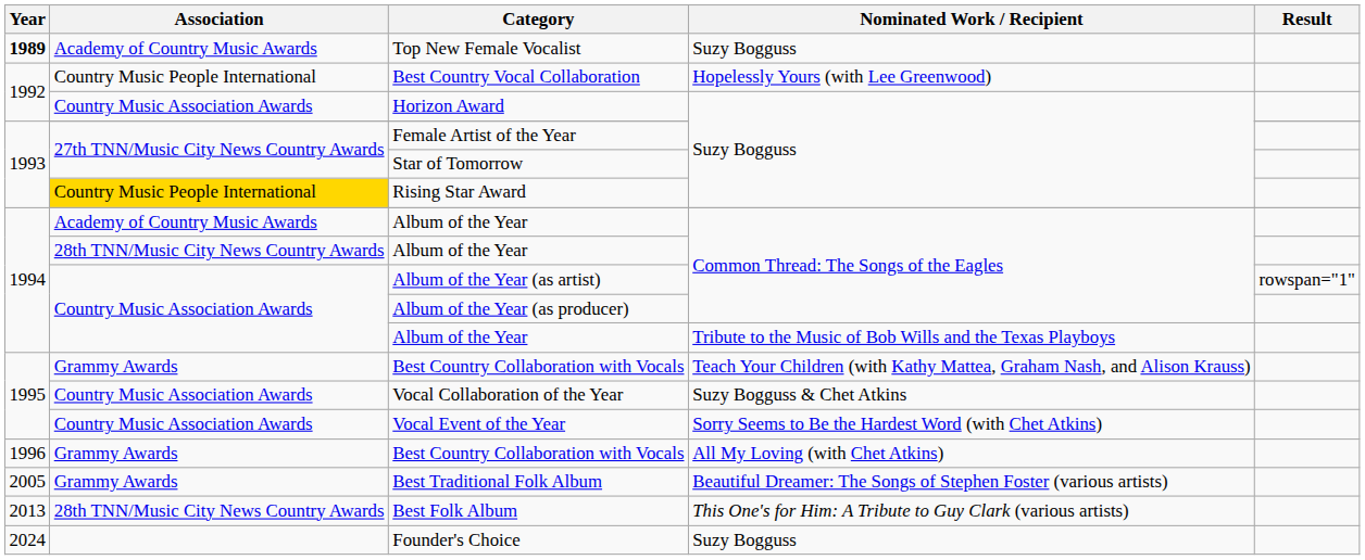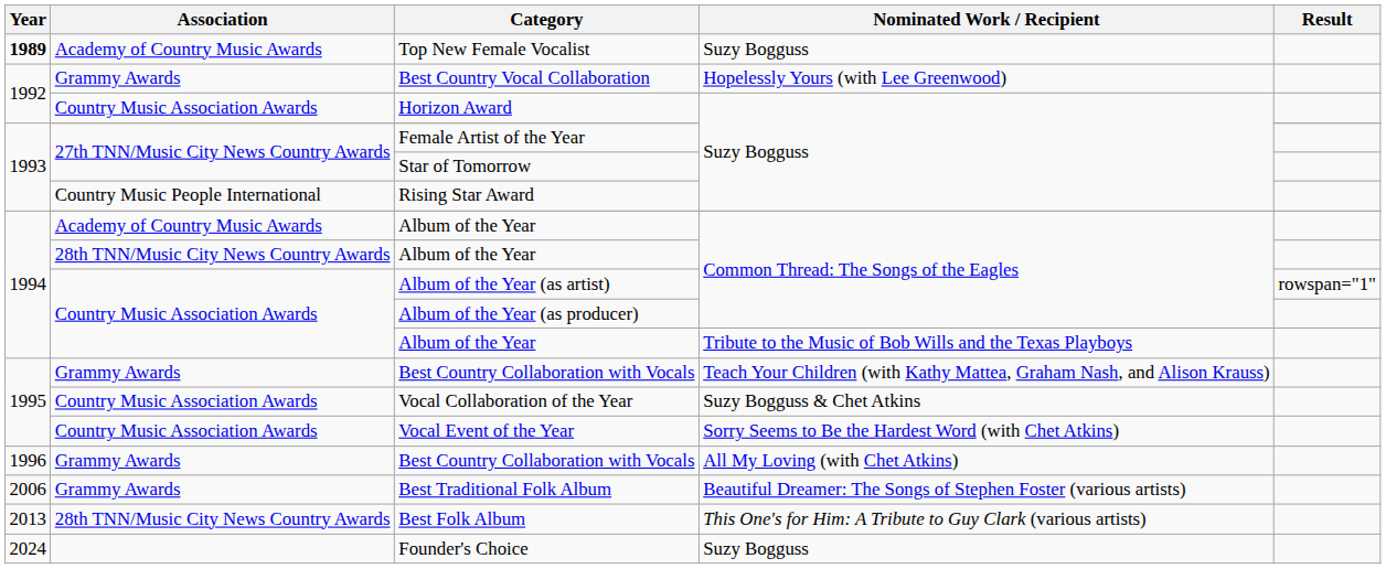 <table class="wikitable">
 <tr>
 <th>Year</th>
 <th>Association</th>
 <th>Category</th>
 <th>Nominated Work / Recipient</th>
 <th>Result</th>
 </tr>
 <tr>
 <td><strong>1989</strong></td>
 <td><a href='#'>Academy of Country Music Awards</a></td>
 <td>Top New Female Vocalist</td>
 <td>Suzy Bogguss</td>
 <td></td>
 </tr>
 <tr>
 <td rowspan=2>1992</td>
-<td rowspan=1>Country Music People International</td>
+<td><a href='#'>Grammy Awards</a></td>
 <td><a href='#'>Best Country Vocal Collaboration</a></td>
 <td><a href='#'>Hopelessly Yours</a> (with <a href='#'>Lee Greenwood</a>)</td>
 <td></td>
 </tr>
 <tr>
 <td rowspan="1"><a href='#'>Country Music Association Awards</a></td>
 <td rowspan="1"><a href='#'>Horizon Award</a></td>
 <td rowspan="5">Suzy Bogguss</td>
 <td></td>
 </tr>
 <tr>
 <td rowspan=4>1993</td>
 </tr>
 <tr>
 <td rowspan=2><a href='#'>27th TNN/Music City News Country Awards</a></td>
 <td>Female Artist of the Year</td>
 <td></td>
 </tr>
 <tr>
 <td rowspan=1>Star of Tomorrow</td>
 <td></td>
 </tr>
 <tr>
-<td rowspan=1 style="background: gold;">Country Music People International</td>
+<td rowspan=1>Country Music People International</td>
 <td>Rising Star Award</td>
 <td></td>
 </tr>
 <tr>
 <td rowspan=6>1994</td>
 </tr>
 <tr>
 <td rowspan="1"><a href='#'>Academy of Country Music Awards</a></td>
 <td rowspan="1">Album of the Year</td>
 <td rowspan="4"><a href='#'>Common Thread: The Songs of the Eagles</a></td>
 <td></td>
 </tr>
 <tr>
 <td rowspan="1"><a href='#'>28th TNN/Music City News Country Awards</a></td>
 <td rowspan="1">Album of the Year</td>
 <td></td>
 </tr>
 <tr>
 <td rowspan="3"><a href='#'>Country Music Association Awards</a></td>
 <td rowspan="1"><a href='#'>Album of the Year</a> (as artist)</td>
 <td>rowspan="1"</td>
 </tr>
 <tr>
 <td rowspan="1"><a href='#'>Album of the Year</a> (as producer)</td>
 <td></td>
 </tr>
 <tr>
 <td rowspan="1"><a href='#'>Album of the Year</a></td>
 <td rowspan="1"><a href='#'>Tribute to the Music of Bob Wills and the Texas Playboys</a></td>
 <td></td>
 </tr>
 <tr>
 <td rowspan=3>1995</td>
 <td><a href='#'>Grammy Awards</a></td>
 <td><a href='#'>Best Country Collaboration with Vocals</a></td>
 <td><a href='#'>Teach Your Children</a> (with <a href='#'>Kathy Mattea</a>, <a href='#'>Graham Nash</a>, and <a href='#'>Alison Krauss</a>)</td>
 <td></td>
 </tr>
 <tr>
 <td rowspan="1"><a href='#'>Country Music Association Awards</a></td>
 <td>Vocal Collaboration of the Year</td>
 <td>Suzy Bogguss & Chet Atkins</td>
 <td></td>
 </tr>
 <tr>
 <td rowspan="1"><a href='#'>Country Music Association Awards</a></td>
 <td rowspan="1"><a href='#'>Vocal Event of the Year</a></td>
 <td rowspan="1"><a href='#'>Sorry Seems to Be the Hardest Word</a> (with <a href='#'>Chet Atkins</a>)</td>
 <td></td>
 </tr>
 <tr>
 <td rowspan=1>1996</td>
 <td><a href='#'>Grammy Awards</a></td>
 <td><a href='#'>Best Country Collaboration with Vocals</a></td>
 <td><a href='#'>All My Loving</a> (with <a href='#'>Chet Atkins</a>)</td>
 <td></td>
 </tr>
 <tr>
-<td rowspan=1>2005</td>
+<td rowspan=1>2006</td>
 <td><a href='#'>Grammy Awards</a></td>
 <td><a href='#'>Best Traditional Folk Album</a></td>
 <td><a href='#'>Beautiful Dreamer: The Songs of Stephen Foster</a> (various artists)</td>
 <td></td>
 </tr>
 <tr>
 <td rowspan=1>2013</td>
 <td rowspan="1"><a href='#'>28th TNN/Music City News Country Awards</a></td>
 <td><a href='#'>Best Folk Album</a></td>
 <td><em>This One's for Him: A Tribute to Guy Clark</em> (various artists)</td>
 <td></td>
 </tr>
 <tr>
 <td rowspan=1>2024</td>
 <td></td>
 <td>Founder's Choice</td>
 <td>Suzy Bogguss</td>
 <td></td>
 </tr>
 </table>
